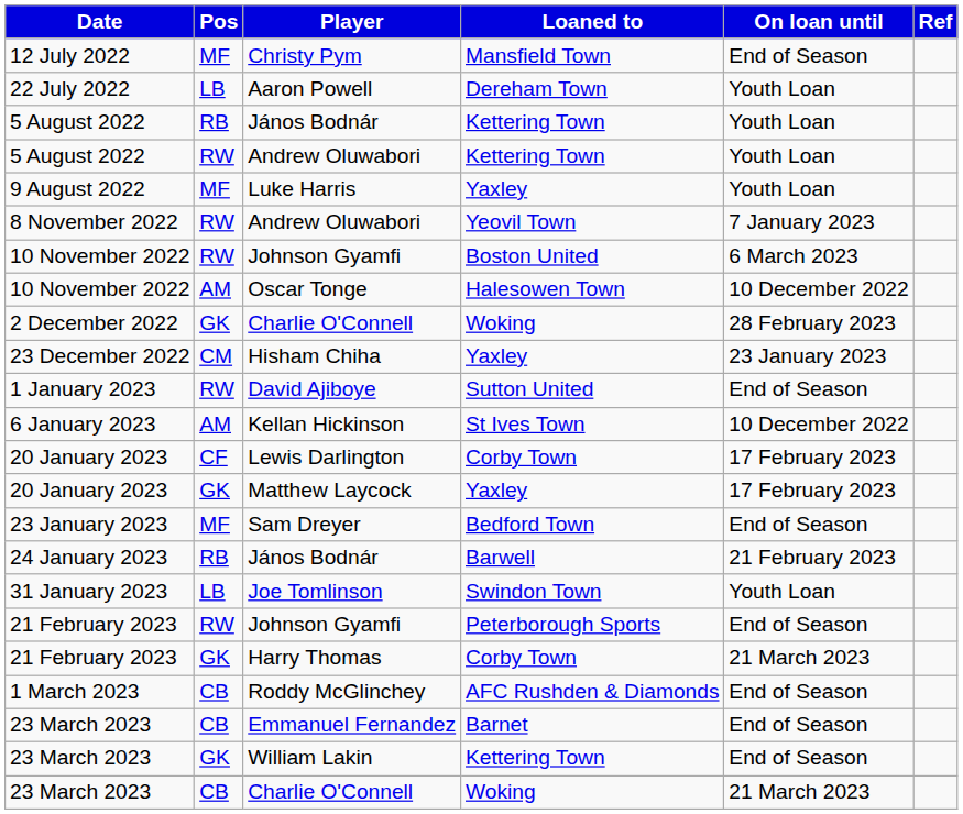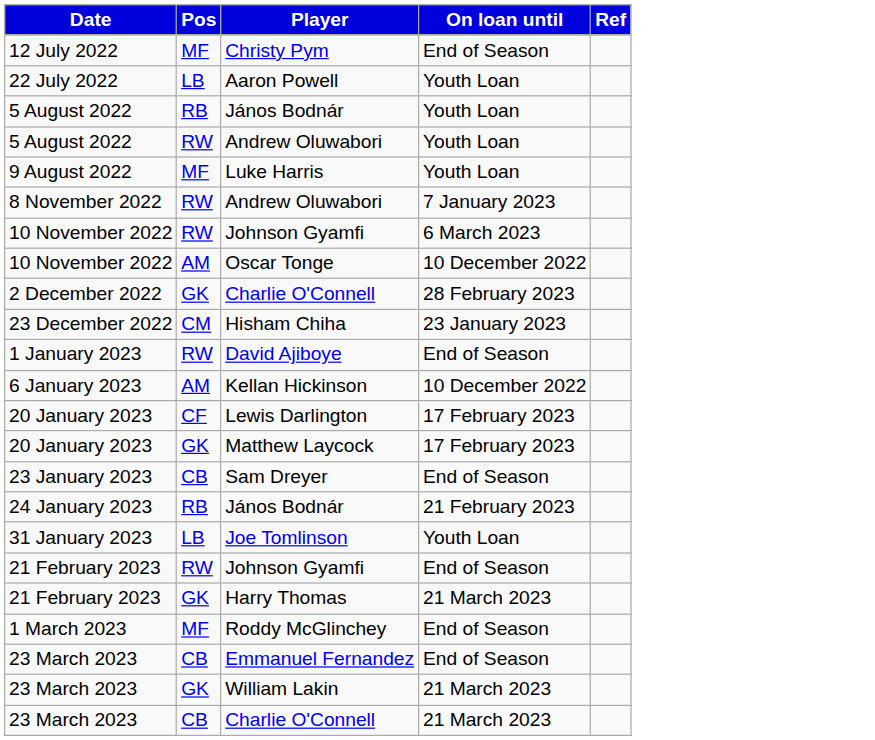 <table class="wikitable plainrowheaders sortable">
 <tr>
 <th style="background:#0000DD; color:#FFFFFF; ">Date</th>
 <th style="background:#0000DD; color:#FFFFFF; ">Pos</th>
 <th style="background:#0000DD; color:#FFFFFF; ">Player</th>
-<th style="background:#0000DD; color:#FFFFFF; ">Loaned to</th>
 <th style="background:#0000DD; color:#FFFFFF; ">On loan until</th>
 <th style="background:#0000DD; color:#FFFFFF; ">Ref</th>
 </tr>
 <tr>
 <td>12 July 2022</td>
 <td><a href='#'>MF</a></td>
 <td> <a href='#'>Christy Pym</a></td>
-<td> <a href='#'>Mansfield Town</a></td>
 <td>End of Season</td>
 <td></td>
 </tr>
 <tr>
 <td>22 July 2022</td>
 <td><a href='#'>LB</a></td>
 <td> Aaron Powell</td>
-<td> <a href='#'>Dereham Town</a></td>
 <td>Youth Loan</td>
 <td></td>
 </tr>
 <tr>
 <td>5 August 2022</td>
 <td><a href='#'>RB</a></td>
 <td> János Bodnár</td>
-<td> <a href='#'>Kettering Town</a></td>
 <td>Youth Loan</td>
 <td></td>
 </tr>
 <tr>
 <td>5 August 2022</td>
 <td><a href='#'>RW</a></td>
 <td> Andrew Oluwabori</td>
-<td> <a href='#'>Kettering Town</a></td>
 <td>Youth Loan</td>
 <td></td>
 </tr>
 <tr>
 <td>9 August 2022</td>
 <td><a href='#'>MF</a></td>
 <td> Luke Harris</td>
-<td> <a href='#'>Yaxley</a></td>
 <td>Youth Loan</td>
 <td></td>
 </tr>
 <tr>
 <td>8 November 2022</td>
 <td><a href='#'>RW</a></td>
 <td> Andrew Oluwabori</td>
-<td> <a href='#'>Yeovil Town</a></td>
 <td>7 January 2023</td>
 <td></td>
 </tr>
 <tr>
 <td>10 November 2022</td>
 <td><a href='#'>RW</a></td>
 <td> Johnson Gyamfi</td>
-<td> <a href='#'>Boston United</a></td>
 <td>6 March 2023</td>
 <td></td>
 </tr>
 <tr>
 <td>10 November 2022</td>
 <td><a href='#'>AM</a></td>
 <td> Oscar Tonge</td>
-<td> <a href='#'>Halesowen Town</a></td>
 <td>10 December 2022</td>
 <td></td>
 </tr>
 <tr>
 <td>2 December 2022</td>
 <td><a href='#'>GK</a></td>
 <td> <a href='#'>Charlie O'Connell</a></td>
-<td> <a href='#'>Woking</a></td>
 <td>28 February 2023</td>
 <td></td>
 </tr>
 <tr>
 <td>23 December 2022</td>
 <td><a href='#'>CM</a></td>
 <td> Hisham Chiha</td>
-<td> <a href='#'>Yaxley</a></td>
 <td>23 January 2023</td>
 <td></td>
 </tr>
 <tr>
 <td>1 January 2023</td>
 <td><a href='#'>RW</a></td>
 <td> <a href='#'>David Ajiboye</a></td>
-<td> <a href='#'>Sutton United</a></td>
 <td>End of Season</td>
 <td></td>
 </tr>
 <tr>
 <td>6 January 2023</td>
 <td><a href='#'>AM</a></td>
 <td> Kellan Hickinson</td>
-<td> <a href='#'>St Ives Town</a></td>
 <td>10 December 2022</td>
 <td></td>
 </tr>
 <tr>
 <td>20 January 2023</td>
 <td><a href='#'>CF</a></td>
 <td> Lewis Darlington</td>
-<td> <a href='#'>Corby Town</a></td>
 <td>17 February 2023</td>
 <td></td>
 </tr>
 <tr>
 <td>20 January 2023</td>
 <td><a href='#'>GK</a></td>
 <td> Matthew Laycock</td>
-<td> <a href='#'>Yaxley</a></td>
 <td>17 February 2023</td>
 <td></td>
 </tr>
 <tr>
 <td>23 January 2023</td>
-<td><a href='#'>MF</a></td>
+<td><a href='#'>CB</a></td>
 <td> Sam Dreyer</td>
-<td> <a href='#'>Bedford Town</a></td>
 <td>End of Season</td>
 <td></td>
 </tr>
 <tr>
 <td>24 January 2023</td>
 <td><a href='#'>RB</a></td>
 <td> János Bodnár</td>
-<td> <a href='#'>Barwell</a></td>
 <td>21 February 2023</td>
 <td></td>
 </tr>
 <tr>
 <td>31 January 2023</td>
 <td><a href='#'>LB</a></td>
 <td> <a href='#'>Joe Tomlinson</a></td>
-<td> <a href='#'>Swindon Town</a></td>
 <td>Youth Loan</td>
 <td></td>
 </tr>
 <tr>
 <td>21 February 2023</td>
 <td><a href='#'>RW</a></td>
 <td> Johnson Gyamfi</td>
-<td> <a href='#'>Peterborough Sports</a></td>
 <td>End of Season</td>
 <td></td>
 </tr>
 <tr>
 <td>21 February 2023</td>
 <td><a href='#'>GK</a></td>
 <td> Harry Thomas</td>
-<td> <a href='#'>Corby Town</a></td>
 <td>21 March 2023</td>
 <td></td>
 </tr>
 <tr>
 <td>1 March 2023</td>
-<td><a href='#'>CB</a></td>
+<td><a href='#'>MF</a></td>
 <td> Roddy McGlinchey</td>
-<td> <a href='#'>AFC Rushden & Diamonds</a></td>
 <td>End of Season</td>
 <td></td>
 </tr>
 <tr>
 <td>23 March 2023</td>
 <td><a href='#'>CB</a></td>
 <td> <a href='#'>Emmanuel Fernandez</a></td>
-<td> <a href='#'>Barnet</a></td>
 <td>End of Season</td>
 <td></td>
 </tr>
 <tr>
 <td>23 March 2023</td>
 <td><a href='#'>GK</a></td>
 <td> William Lakin</td>
-<td> <a href='#'>Kettering Town</a></td>
-<td>End of Season</td>
+<td>21 March 2023</td>
 <td></td>
 </tr>
 <tr>
 <td>23 March 2023</td>
 <td><a href='#'>CB</a></td>
 <td> <a href='#'>Charlie O'Connell</a></td>
-<td> <a href='#'>Woking</a></td>
 <td>21 March 2023</td>
 <td></td>
 </tr>
 </table>
